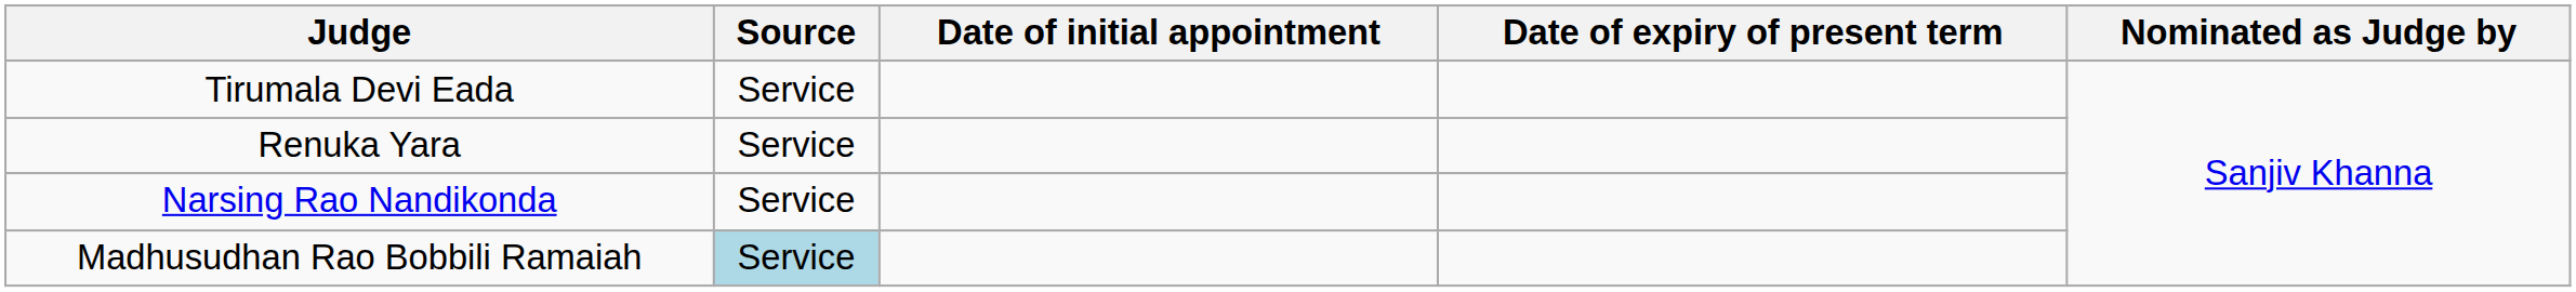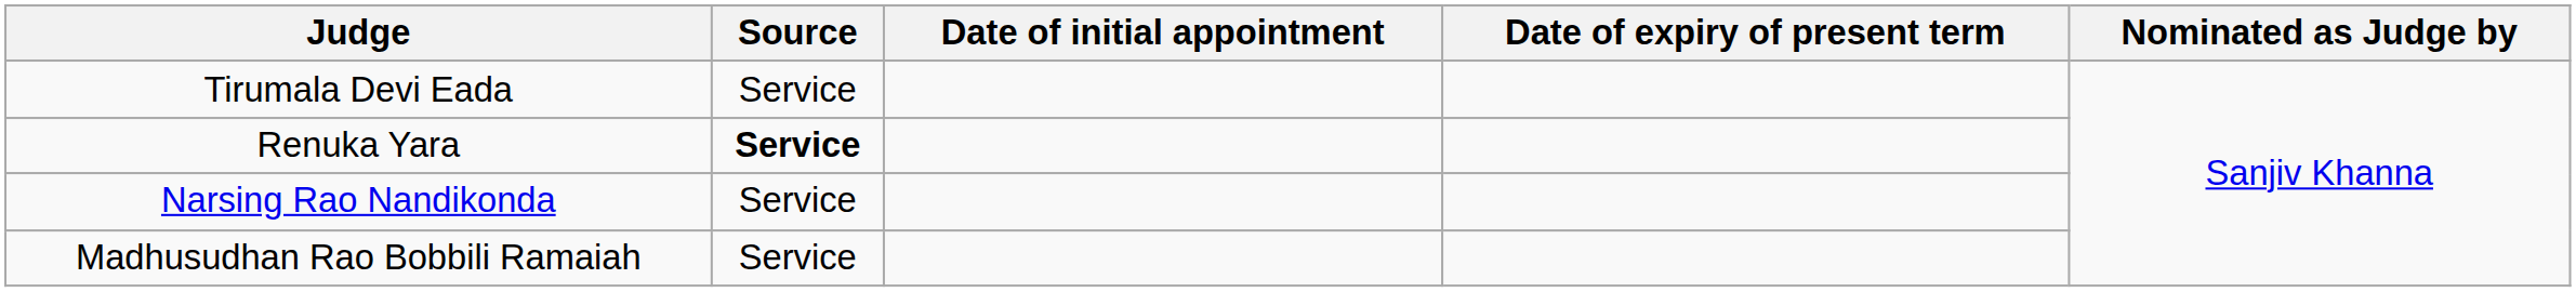 <table class="wikitable sortable static-row-numbers static-row-header" style="text-align:center" width="92%">
 <tr>
 <th>Judge</th>
 <th>Source</th>
 <th>Date of initial appointment</th>
 <th>Date of expiry of present term</th>
 <th>Nominated as Judge by</th>
 </tr>
 <tr>
 <td>Tirumala Devi Eada</td>
 <td>Service</td>
 <td></td>
 <td></td>
 <td rowspan="4"><a href='#'>Sanjiv Khanna</a></td>
 </tr>
 <tr>
 <td>Renuka Yara</td>
-<td>Service</td>
+<td><strong>Service</strong></td>
 <td></td>
 <td></td>
 </tr>
 <tr>
 <td><a href='#'>Narsing Rao Nandikonda</a></td>
 <td>Service</td>
 <td></td>
 <td></td>
 </tr>
 <tr>
 <td>Madhusudhan Rao Bobbili Ramaiah</td>
-<td style="background: lightblue;">Service</td>
+<td>Service</td>
 <td></td>
 <td></td>
 </tr>
 </table>
